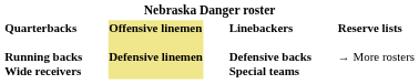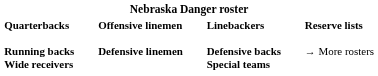 <table class="toccolours" style="text-align: left;">
 <tr>
 <th colspan="7" style="text-align:center; ">Nebraska Danger roster</th>
 </tr>
 <tr>
 <td style="font-size: 95%;vertical-align:top;"><strong>Quarterbacks</strong><br><br><strong>Running backs</strong>  <br><strong>Wide receivers</strong>    </td>
 <td style="width: 25px;"></td>
-<td style="background: khaki; font-size: 95%;vertical-align:top;"><strong>Offensive linemen</strong><br>   <br><strong>Defensive linemen</strong>     </td>
+<td style="font-size: 95%;vertical-align:top;"><strong>Offensive linemen</strong><br>   <br><strong>Defensive linemen</strong>     </td>
 <td style="width: 25px;"></td>
 <td style="font-size: 95%;vertical-align:top;"><strong>Linebackers</strong><br> <br><strong>Defensive backs</strong>     <br><strong>Special teams</strong> </td>
 <td style="width: 25px;"></td>
 <td style="font-size: 95%;vertical-align:top;"><strong>Reserve lists</strong><br>     <br> → More rosters</td>
 </tr>
 <tr>
 </tr>
 </table>
